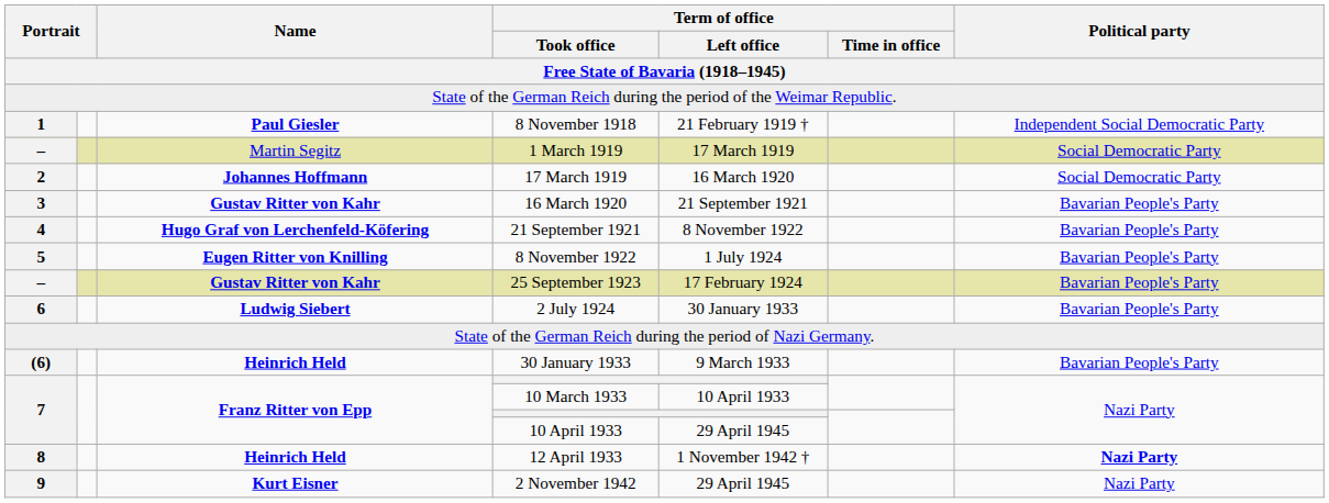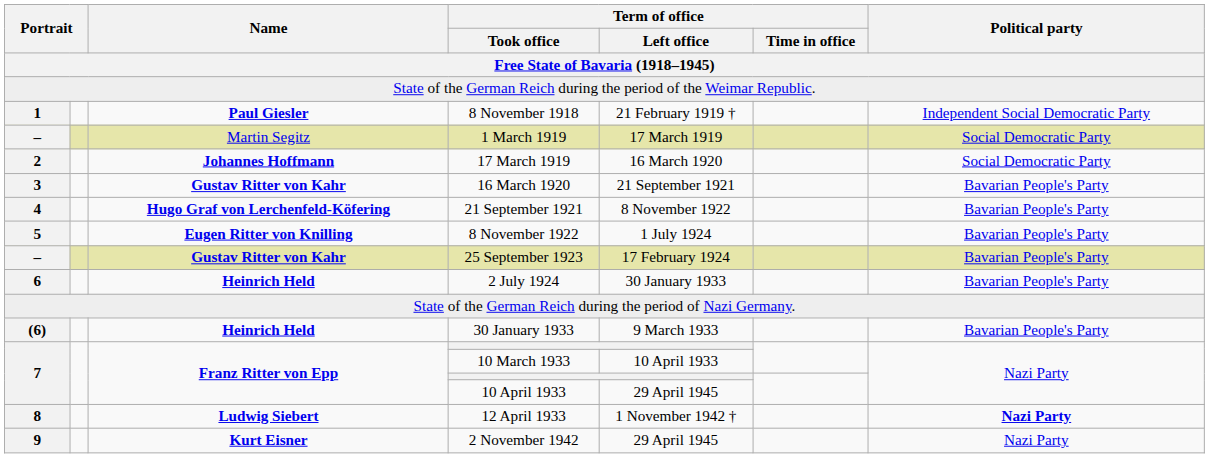 <table class="wikitable" style="text-align:center; width:100%; border:1px #AAAAFF solid">
 <tr>
 <th width=80px rowspan=2 colspan=2>Portrait</th>
 <th width=30% rowspan=2>Name<br></th>
 <th width=35% colspan=3>Term of office</th>
 <th width=28% rowspan=2>Political party</th>
 </tr>
 <tr>
 <th>Took office</th>
 <th>Left office</th>
 <th>Time in office</th>
 </tr>
 <tr>
 <th colspan="7"><a href='#'>Free State of Bavaria</a> (1918–1945)</th>
 </tr>
 <tr>
 <td bgcolor=#EEEEEE colspan=7><a href='#'>State</a> of the <a href='#'>German Reich</a> during the period of the <a href='#'>Weimar Republic</a>.</td>
 </tr>
 <tr>
 <th style="background:">1</th>
 <td></td>
 <td><strong><a href='#'>Paul Giesler</a></strong><br></td>
 <td>8 November 1918</td>
 <td>21 February 1919 †</td>
 <td></td>
 <td><a href='#'>Independent Social Democratic Party</a></td>
 </tr>
 <tr style="background-color:#E6E6AA">
 <th style="background:">–</th>
 <td></td>
 <td><a href='#'>Martin Segitz</a><br></td>
 <td>1 March 1919</td>
 <td>17 March 1919</td>
 <td></td>
 <td><a href='#'>Social Democratic Party</a></td>
 </tr>
 <tr>
 <th style="background:">2</th>
 <td></td>
 <td><strong><a href='#'>Johannes Hoffmann</a></strong><br></td>
 <td>17 March 1919</td>
 <td>16 March 1920</td>
 <td></td>
 <td><a href='#'>Social Democratic Party</a></td>
 </tr>
 <tr>
 <th style="background:">3</th>
 <td></td>
 <td><strong><a href='#'>Gustav Ritter von Kahr</a></strong><br></td>
 <td>16 March 1920</td>
 <td>21 September 1921</td>
 <td></td>
 <td><a href='#'>Bavarian People's Party</a></td>
 </tr>
 <tr>
 <th style="background:">4</th>
 <td></td>
 <td><strong><a href='#'>Hugo Graf von Lerchenfeld-Köfering</a></strong><br></td>
 <td>21 September 1921</td>
 <td>8 November 1922</td>
 <td></td>
 <td><a href='#'>Bavarian People's Party</a></td>
 </tr>
 <tr>
 <th style="background:">5</th>
 <td></td>
 <td><strong><a href='#'>Eugen Ritter von Knilling</a></strong><br></td>
 <td>8 November 1922</td>
 <td>1 July 1924</td>
 <td></td>
 <td><a href='#'>Bavarian People's Party</a></td>
 </tr>
 <tr style="background-color:#E6E6AA">
 <th style="background:">–</th>
 <td></td>
 <td><strong><a href='#'>Gustav Ritter von Kahr</a></strong><br></td>
 <td>25 September 1923</td>
 <td>17 February 1924</td>
 <td></td>
 <td><a href='#'>Bavarian People's Party</a></td>
 </tr>
 <tr>
 <th style="background:">6</th>
 <td></td>
-<td><strong><a href='#'>Ludwig Siebert</a></strong><br></td>
+<td><strong><a href='#'>Heinrich Held</a></strong><br></td>
 <td>2 July 1924</td>
 <td>30 January 1933</td>
 <td></td>
 <td><a href='#'>Bavarian People's Party</a></td>
 </tr>
 <tr>
 <td bgcolor=#EEEEEE colspan=7><a href='#'>State</a> of the <a href='#'>German Reich</a> during the period of <a href='#'>Nazi Germany</a>.</td>
 </tr>
 <tr>
 <th style="background:">(6)</th>
 <td></td>
 <td><strong><a href='#'>Heinrich Held</a></strong><br></td>
 <td>30 January 1933</td>
 <td>9 March 1933</td>
 <td></td>
 <td><a href='#'>Bavarian People's Party</a></td>
 </tr>
 <tr>
 <th rowspan="4" style="background:">7</th>
 <td rowspan="4"></td>
 <td rowspan="4"><strong><a href='#'>Franz Ritter von Epp</a></strong><br></td>
 <th colspan="2"></th>
 <td rowspan="2"></td>
 <td rowspan="4"><a href='#'>Nazi Party</a></td>
 </tr>
 <tr>
 <td>10 March 1933</td>
 <td>10 April 1933</td>
 </tr>
 <tr>
 <th colspan="2"></th>
 <td rowspan="2"></td>
 </tr>
 <tr>
 <td>10 April 1933</td>
 <td>29 April 1945</td>
 </tr>
 <tr>
 <th style="background:">8</th>
 <td></td>
-<td><strong><a href='#'>Heinrich Held</a></strong><br></td>
+<td><strong><a href='#'>Ludwig Siebert</a></strong><br></td>
 <td>12 April 1933</td>
 <td>1 November 1942 †</td>
 <td></td>
 <td><strong><a href='#'>Nazi Party</a></strong></td>
 </tr>
 <tr>
 <th style="background:">9</th>
 <td></td>
 <td><strong><a href='#'>Kurt Eisner</a></strong><br></td>
 <td>2 November 1942</td>
 <td>29 April 1945</td>
 <td></td>
 <td><a href='#'>Nazi Party</a></td>
 </tr>
 </table>
